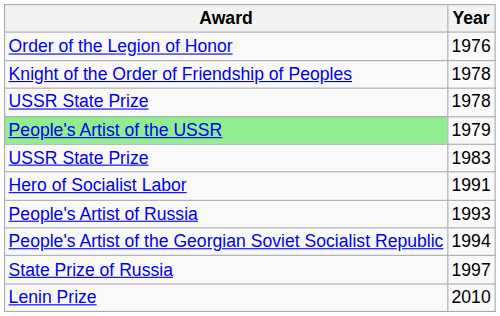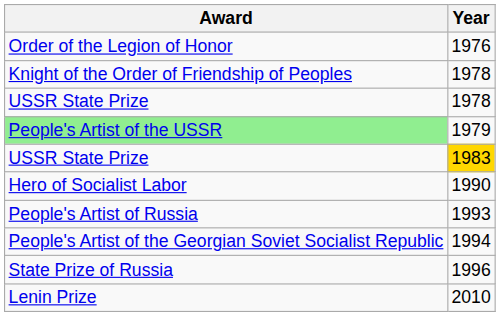 <table class="wikitable">
 <tr>
 <th>Award</th>
 <th>Year</th>
 </tr>
 <tr>
 <td><a href='#'>Order of the Legion of Honor</a></td>
 <td>1976</td>
 </tr>
 <tr>
 <td><a href='#'>Knight of the Order of Friendship of Peoples</a></td>
 <td>1978</td>
 </tr>
 <tr>
 <td><a href='#'>USSR State Prize</a></td>
 <td>1978</td>
 </tr>
 <tr>
 <td style="background: lightgreen;"><a href='#'>People's Artist of the USSR</a></td>
 <td>1979</td>
 </tr>
 <tr>
 <td><a href='#'>USSR State Prize</a></td>
-<td>1983</td>
+<td style="background: gold;">1983</td>
 </tr>
 <tr>
 <td><a href='#'>Hero of Socialist Labor</a></td>
-<td>1991</td>
+<td>1990</td>
 </tr>
 <tr>
 <td><a href='#'>People's Artist of Russia</a></td>
 <td>1993</td>
 </tr>
 <tr>
 <td><a href='#'>People's Artist of the Georgian Soviet Socialist Republic</a></td>
 <td>1994</td>
 </tr>
 <tr>
 <td><a href='#'>State Prize of Russia</a></td>
-<td>1997</td>
+<td>1996</td>
 </tr>
 <tr>
 <td><a href='#'>Lenin Prize</a></td>
 <td>2010</td>
 </tr>
 </table>
